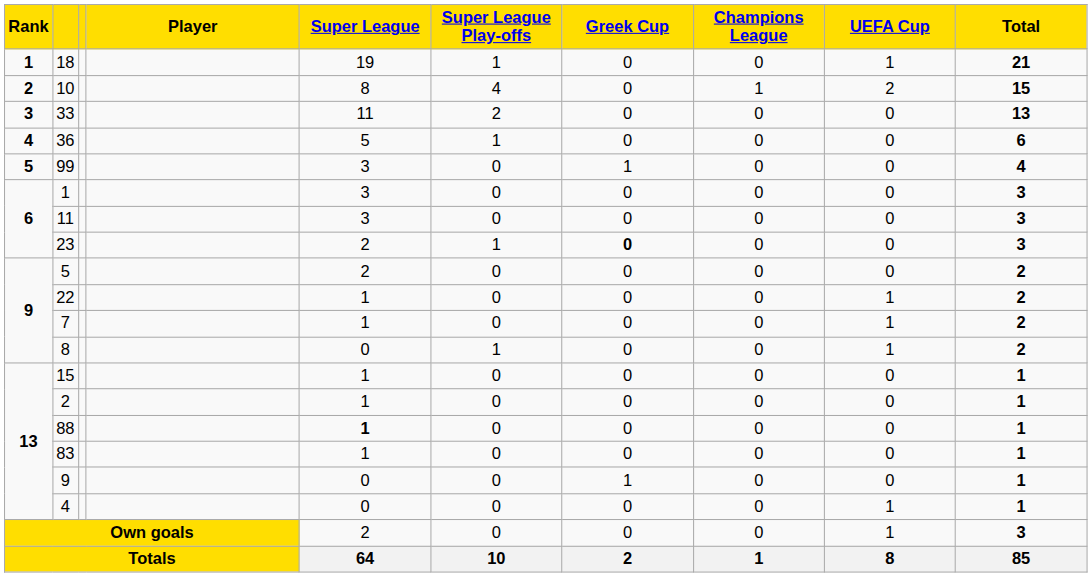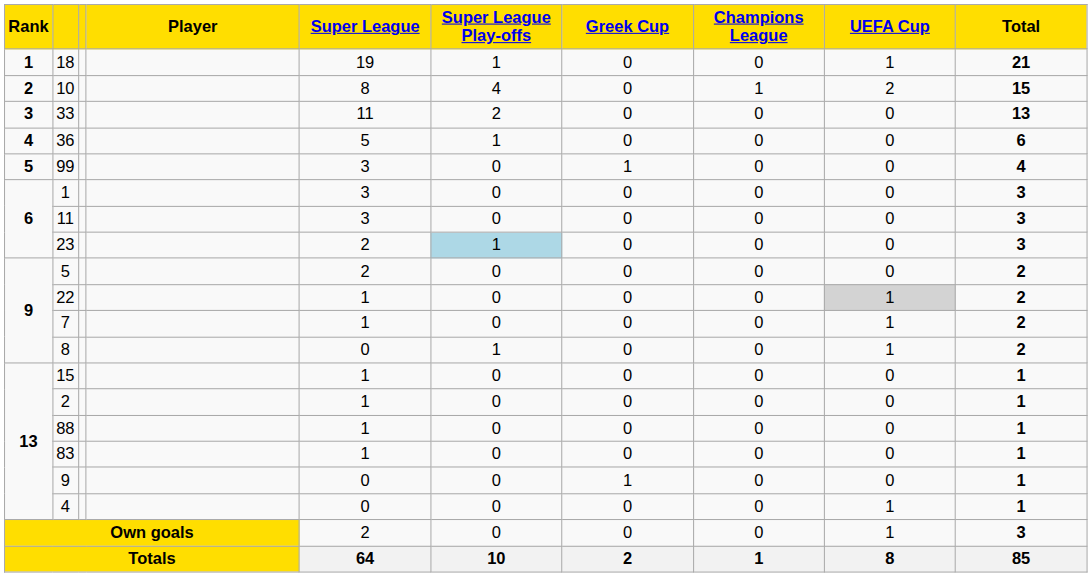 <table class="wikitable sortable" style="text-align: center">
 <tr>
 <th style="background:#FFDE00">Rank</th>
 <th style="background:#FFDE00"></th>
 <th style="background:#FFDE00"></th>
 <th width=200 style="background:#FFDE00">Player</th>
 <th width=120 style="background:#FFDE00"><a href='#'>Super League</a></th>
 <th width=120 style="background:#FFDE00"><a href='#'>Super League Play-offs</a></th>
 <th width=120 style="background:#FFDE00"><a href='#'>Greek Cup</a></th>
 <th width=120 style="background:#FFDE00"><a href='#'>Champions League</a></th>
 <th width=120 style="background:#FFDE00"><a href='#'>UEFA Cup</a></th>
 <th width=120 style="background:#FFDE00">Total</th>
 </tr>
 <tr>
 <td><strong>1</strong></td>
 <td>18</td>
 <td></td>
 <td align=left></td>
 <td>19</td>
 <td>1</td>
 <td>0</td>
 <td>0</td>
 <td>1</td>
 <td><strong>21</strong></td>
 </tr>
 <tr>
 <td><strong>2</strong></td>
 <td>10</td>
 <td></td>
 <td align=left></td>
 <td>8</td>
 <td>4</td>
 <td>0</td>
 <td>1</td>
 <td>2</td>
 <td><strong>15</strong></td>
 </tr>
 <tr>
 <td><strong>3</strong></td>
 <td>33</td>
 <td></td>
 <td align=left></td>
 <td>11</td>
 <td>2</td>
 <td>0</td>
 <td>0</td>
 <td>0</td>
 <td><strong>13</strong></td>
 </tr>
 <tr>
 <td><strong>4</strong></td>
 <td>36</td>
 <td></td>
 <td align=left></td>
 <td>5</td>
 <td>1</td>
 <td>0</td>
 <td>0</td>
 <td>0</td>
 <td><strong>6</strong></td>
 </tr>
 <tr>
 <td><strong>5</strong></td>
 <td>99</td>
 <td></td>
 <td align=left></td>
 <td>3</td>
 <td>0</td>
 <td>1</td>
 <td>0</td>
 <td>0</td>
 <td><strong>4</strong></td>
 </tr>
 <tr>
 <td rowspan=3><strong>6</strong></td>
 <td>1</td>
 <td></td>
 <td align=left></td>
 <td>3</td>
 <td>0</td>
 <td>0</td>
 <td>0</td>
 <td>0</td>
 <td><strong>3</strong></td>
 </tr>
 <tr>
 <td>11</td>
 <td></td>
 <td align=left></td>
 <td>3</td>
 <td>0</td>
 <td>0</td>
 <td>0</td>
 <td>0</td>
 <td><strong>3</strong></td>
 </tr>
 <tr>
 <td>23</td>
 <td></td>
 <td align=left></td>
 <td>2</td>
-<td>1</td>
-<td><strong>0</strong></td>
+<td style="background: lightblue;">1</td>
+<td>0</td>
 <td>0</td>
 <td>0</td>
 <td><strong>3</strong></td>
 </tr>
 <tr>
 <td rowspan=4><strong>9</strong></td>
 <td>5</td>
 <td></td>
 <td align=left></td>
 <td>2</td>
 <td>0</td>
 <td>0</td>
 <td>0</td>
 <td>0</td>
 <td><strong>2</strong></td>
 </tr>
 <tr>
 <td>22</td>
 <td></td>
 <td align=left></td>
 <td>1</td>
 <td>0</td>
 <td>0</td>
 <td>0</td>
-<td>1</td>
+<td style="background: lightgrey;">1</td>
 <td><strong>2</strong></td>
 </tr>
 <tr>
 <td>7</td>
 <td></td>
 <td align=left></td>
 <td>1</td>
 <td>0</td>
 <td>0</td>
 <td>0</td>
 <td>1</td>
 <td><strong>2</strong></td>
 </tr>
 <tr>
 <td>8</td>
 <td></td>
 <td align=left></td>
 <td>0</td>
 <td>1</td>
 <td>0</td>
 <td>0</td>
 <td>1</td>
 <td><strong>2</strong></td>
 </tr>
 <tr>
 <td rowspan=6><strong>13</strong></td>
 <td>15</td>
 <td></td>
 <td align=left></td>
 <td>1</td>
 <td>0</td>
 <td>0</td>
 <td>0</td>
 <td>0</td>
 <td><strong>1</strong></td>
 </tr>
 <tr>
 <td>2</td>
 <td></td>
 <td align=left></td>
 <td>1</td>
 <td>0</td>
 <td>0</td>
 <td>0</td>
 <td>0</td>
 <td><strong>1</strong></td>
 </tr>
 <tr>
 <td>88</td>
 <td></td>
 <td align=left></td>
-<td><strong>1</strong></td>
+<td>1</td>
 <td>0</td>
 <td>0</td>
 <td>0</td>
 <td>0</td>
 <td><strong>1</strong></td>
 </tr>
 <tr>
 <td>83</td>
 <td></td>
 <td align=left></td>
 <td>1</td>
 <td>0</td>
 <td>0</td>
 <td>0</td>
 <td>0</td>
 <td><strong>1</strong></td>
 </tr>
 <tr>
 <td>9</td>
 <td></td>
 <td align=left></td>
 <td>0</td>
 <td>0</td>
 <td>1</td>
 <td>0</td>
 <td>0</td>
 <td><strong>1</strong></td>
 </tr>
 <tr>
 <td>4</td>
 <td></td>
 <td align=left></td>
 <td>0</td>
 <td>0</td>
 <td>0</td>
 <td>0</td>
 <td>1</td>
 <td><strong>1</strong></td>
 </tr>
 <tr class="sortbottom">
 <td colspan=4 style="background:#FFDE00"><strong>Own goals</strong></td>
 <td>2</td>
 <td>0</td>
 <td>0</td>
 <td>0</td>
 <td>1</td>
 <td><strong>3</strong></td>
 </tr>
 <tr class="sortbottom">
 <th colspan=4 style="background:#FFDE00"><strong>Totals</strong></th>
 <th><strong>64</strong></th>
 <th><strong>10</strong></th>
 <th><strong> 2</strong></th>
 <th><strong> 1</strong></th>
 <th><strong> 8</strong></th>
 <th><strong>85</strong></th>
 </tr>
 </table>
